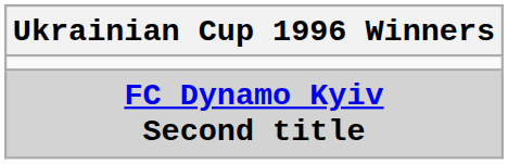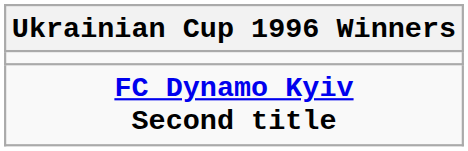 <table class="wikitable" style="text-align: center; margin: 0 auto;">
 <tr>
 <th>Ukrainian Cup 1996 Winners</th>
 </tr>
 <tr>
 <td></td>
 </tr>
 <tr>
-<td style="background: lightgrey;"><strong><a href='#'>FC Dynamo Kyiv</a></strong><br><strong>Second title</strong></td>
+<td><strong><a href='#'>FC Dynamo Kyiv</a></strong><br><strong>Second title</strong></td>
 </tr>
 </table>
